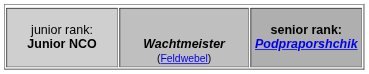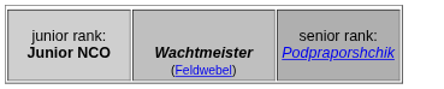 <table class="wikipedia sortable" border="1">
 <tr>
 </tr>
 <tr>
 <td width="30%" align="center" style="background:#cfcfcf;">junior rank:<br><strong>Junior NCO</strong></td>
 <td width="35%" align="center" style="background:#bfbfbf;"><br> <br><strong><em>Wachtmeister</em></strong><br><small>(<a href='#'>Feldwebel</a>)</small></td>
-<td width="30%" align="center" style="background:#afafaf;"><strong>senior rank:<br><em><a href='#'>Podpraporshchik</a></em><br><small></small></strong></td>
+<td width="30%" align="center" style="background:#afafaf;">senior rank:<br><em><a href='#'>Podpraporshchik</a></em><br><small></small></td>
 </tr>
 </table>
